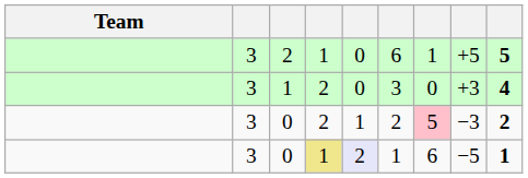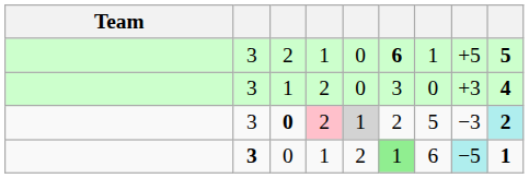 <table class="wikitable" style="text-align:center;">
 <tr>
 <th width=165>Team</th>
 <th width=20></th>
 <th width=20></th>
 <th width=20></th>
 <th width=20></th>
 <th width=20></th>
 <th width=20></th>
 <th width=20></th>
 <th width=20></th>
 </tr>
 <tr bgcolor="#ccffcc">
 <td align="left"></td>
 <td>3</td>
 <td>2</td>
 <td>1</td>
 <td>0</td>
-<td>6</td>
+<td><strong>6</strong></td>
 <td>1</td>
 <td>+5</td>
 <td><strong>5</strong></td>
 </tr>
 <tr bgcolor="#ccffcc">
 <td align="left"></td>
 <td>3</td>
 <td>1</td>
 <td>2</td>
 <td>0</td>
 <td>3</td>
 <td>0</td>
 <td>+3</td>
 <td><strong>4</strong></td>
 </tr>
 <tr>
 <td align="left"></td>
 <td>3</td>
-<td>0</td>
+<td><strong>0</strong></td>
+<td style="background: pink;">2</td>
+<td style="background: lightgrey;">1</td>
 <td>2</td>
-<td>1</td>
-<td>2</td>
-<td style="background: pink;">5</td>
+<td>5</td>
 <td>−3</td>
-<td><strong>2</strong></td>
+<td style="background: paleturquoise;"><strong>2</strong></td>
 </tr>
 <tr>
 <td align="left"></td>
-<td>3</td>
+<td><strong>3</strong></td>
 <td>0</td>
-<td style="background: khaki;">1</td>
-<td style="background: lavender;">2</td>
 <td>1</td>
+<td>2</td>
+<td style="background: lightgreen;">1</td>
 <td>6</td>
-<td>−5</td>
+<td style="background: paleturquoise;">−5</td>
 <td><strong>1</strong></td>
 </tr>
 </table>
